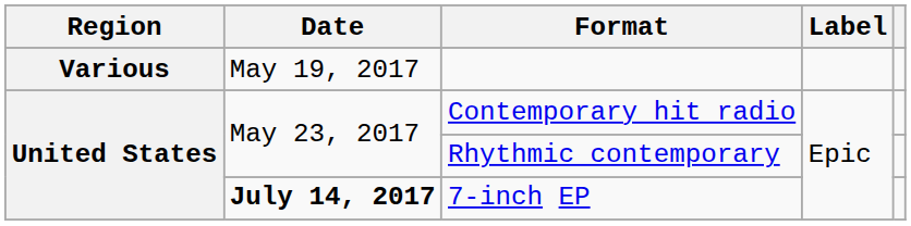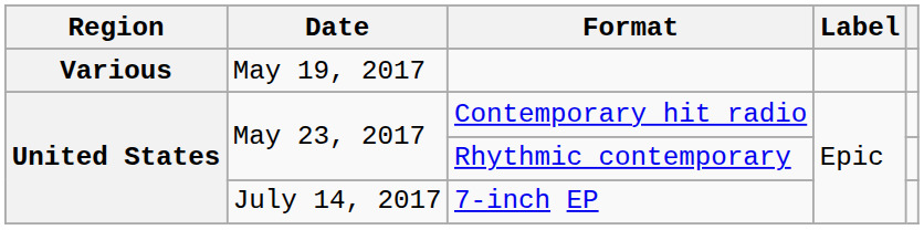 <table class="wikitable sortable plainrowheaders">
 <tr>
 <th scope="col">Region</th>
 <th scope="col">Date</th>
 <th scope="col">Format</th>
 <th scope="col">Label</th>
 <th scope="col"></th>
 </tr>
 <tr>
 <th scope="row">Various</th>
 <td>May 19, 2017</td>
 <td></td>
 <td></td>
 <td></td>
 </tr>
 <tr>
 <th rowspan="3" scope="row">United States</th>
 <td rowspan="2">May 23, 2017</td>
 <td><a href='#'>Contemporary hit radio</a></td>
 <td rowspan="3">Epic</td>
 <td></td>
 </tr>
 <tr>
 <td><a href='#'>Rhythmic contemporary</a></td>
 <td></td>
 </tr>
 <tr>
-<td><strong>July 14, 2017</strong></td>
+<td>July 14, 2017</td>
 <td><a href='#'>7-inch</a> <a href='#'>EP</a></td>
 <td></td>
 </tr>
 </table>
